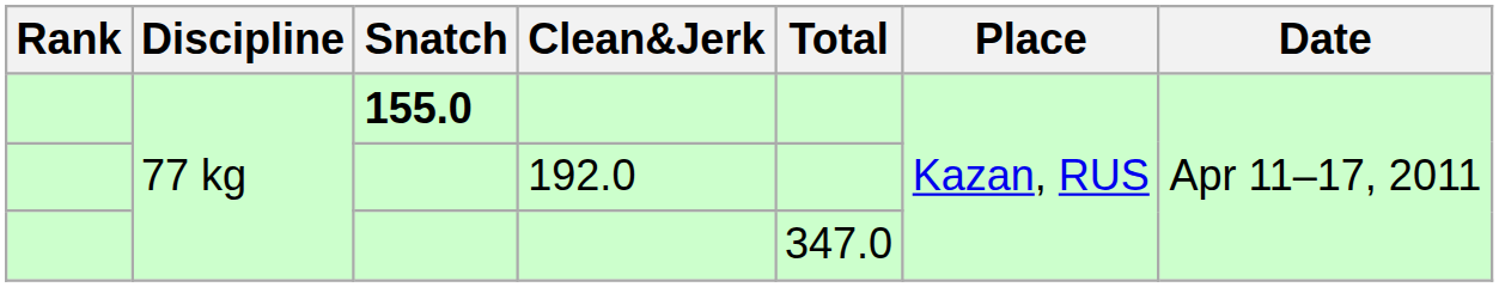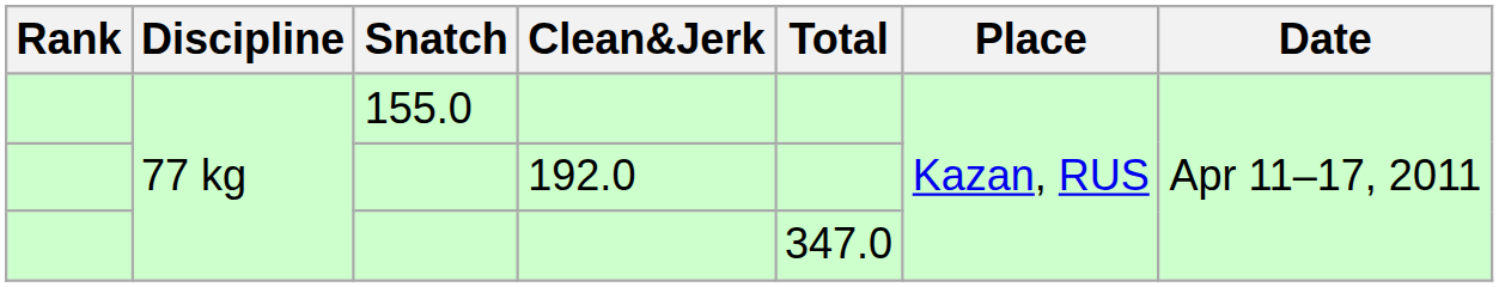 <table class="wikitable">
 <tr>
 <th>Rank</th>
 <th>Discipline</th>
 <th>Snatch</th>
 <th>Clean&Jerk</th>
 <th>Total</th>
 <th>Place</th>
 <th>Date</th>
 </tr>
 <tr bgcolor=#CCFFCC>
 <td></td>
 <td rowspan=3>77 kg</td>
-<td><strong>155.0</strong></td>
+<td>155.0</td>
 <td></td>
 <td></td>
 <td rowspan=3><a href='#'>Kazan</a>, <a href='#'>RUS</a></td>
 <td rowspan=3>Apr 11–17, 2011</td>
 </tr>
 <tr bgcolor=#CCFFCC>
 <td></td>
 <td></td>
 <td>192.0</td>
 <td></td>
 </tr>
 <tr bgcolor=#CCFFCC>
 <td></td>
 <td></td>
 <td></td>
 <td>347.0</td>
 </tr>
 </table>
